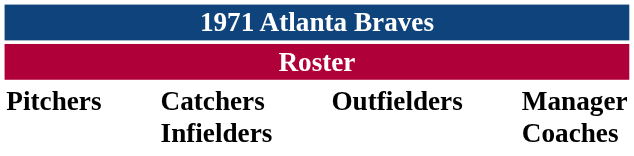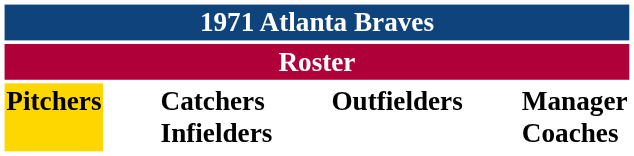 <table class="toccolours" style="font-size: 95%;">
 <tr>
 <th colspan="10" style="background-color: #0f437c; color: white; text-align: center;">1971 Atlanta Braves</th>
 </tr>
 <tr>
 <td colspan="10" style="background-color:#af0039; color: white; text-align: center;"><strong>Roster</strong></td>
 </tr>
 <tr>
-<td valign="top"><strong>Pitchers</strong><br>             </td>
+<td valign="top" style="background: gold;"><strong>Pitchers</strong><br>             </td>
 <td width="25px"></td>
 <td valign="top"><strong>Catchers</strong><br>   <strong>Infielders</strong>             </td>
 <td width="25px"></td>
 <td valign="top"><strong>Outfielders</strong><br>    </td>
 <td width="25px"></td>
 <td valign="top"><strong>Manager</strong><br> <strong>Coaches</strong>    </td>
 </tr>
 </table>
